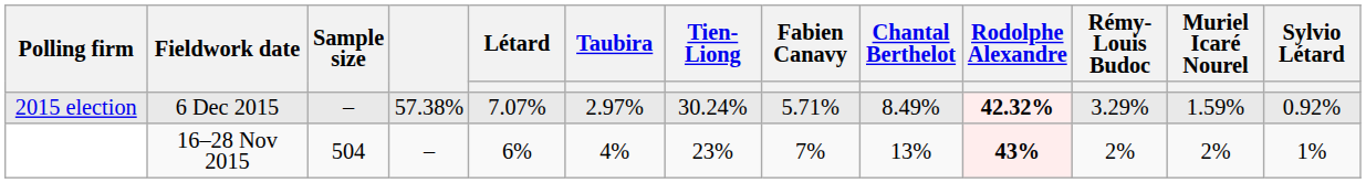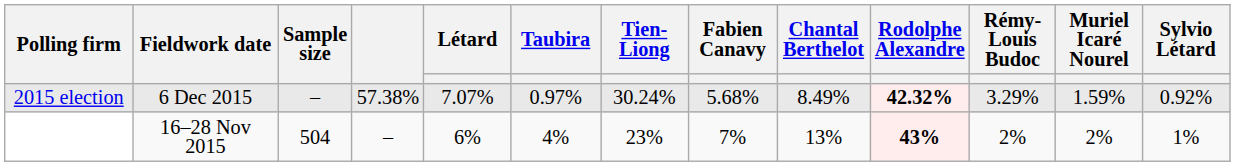 <table class="wikitable sortable" style="text-align:center;font-size:90%;line-height:14px;">
 <tr style="height:40px;">
 <th style="width:100px;" rowspan="2">Polling firm</th>
 <th style="width:110px;" rowspan="2">Fieldwork date</th>
 <th style="width:35px;" rowspan="2">Sample<br>size</th>
 <th style="width:30px;" rowspan="2"></th>
 <th class="unsortable" style="width:60px;">Létard<br></th>
 <th class="unsortable" style="width:60px;"><a href='#'>Taubira</a><br></th>
 <th class="unsortable" style="width:60px;"><a href='#'>Tien-Liong</a><br></th>
 <th class="unsortable" style="width:60px;">Fabien Canavy<br></th>
 <th class="unsortable" style="width:60px;"><a href='#'>Chantal Berthelot</a><br></th>
 <th class="unsortable" style="width:60px;"><a href='#'>Rodolphe Alexandre</a><br></th>
 <th class="unsortable" style="width:60px;">Rémy-Louis Budoc<br></th>
 <th class="unsortable" style="width:60px;">Muriel Icaré Nourel<br></th>
 <th class="unsortable" style="width:60px;">Sylvio Létard<br></th>
 </tr>
 <tr>
 <th style="background:"></th>
 <th style="background:"></th>
 <th style="background:"></th>
 <th style="background:"></th>
 <th style="background:"></th>
 <th style="background:"></th>
 <th style="background:"></th>
 <th style="background:"></th>
 <th style="background:"></th>
 </tr>
 <tr style="background:#E9E9E9;">
 <td><a href='#'>2015 election</a></td>
 <td data-sort-value="2015-12-06">6 Dec 2015</td>
 <td>–</td>
 <td>57.38%</td>
 <td>7.07%</td>
-<td>2.97%</td>
+<td>0.97%</td>
 <td>30.24%</td>
-<td>5.71%</td>
+<td>5.68%</td>
 <td>8.49%</td>
 <td style="background:#FFEDED;"><strong>42.32%</strong></td>
 <td>3.29%</td>
 <td>1.59%</td>
 <td>0.92%</td>
 </tr>
 <tr>
 <td style="background:#FFFFFF;"></td>
 <td data-sort-value="2015-11-28">16–28 Nov 2015</td>
 <td>504</td>
 <td>–</td>
 <td>6%</td>
 <td>4%</td>
 <td>23%</td>
 <td>7%</td>
 <td>13%</td>
 <td style="background:#FFEDED;"><strong>43%</strong></td>
 <td>2%</td>
 <td>2%</td>
 <td>1%</td>
 </tr>
 </table>
